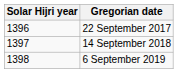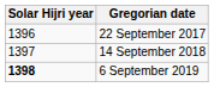 <table class="wikitable">
 <tr>
 <th>Solar Hijri year</th>
 <th>Gregorian date</th>
 </tr>
 <tr>
 <td>1396</td>
 <td>22 September 2017</td>
 </tr>
 <tr>
 <td>1397</td>
 <td>14 September 2018</td>
 </tr>
 <tr>
-<td>1398</td>
+<td><strong>1398</strong></td>
 <td>6 September 2019</td>
 </tr>
 </table>
